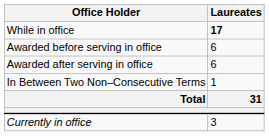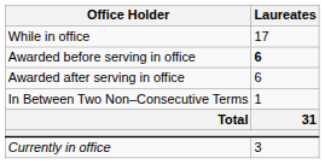 <table class="wikitable sortable sticky-header col2right">
 <tr>
 <th>Office Holder</th>
 <th>Laureates</th>
 </tr>
 <tr>
 <td>While in office</td>
-<td><strong>17</strong></td>
+<td>17</td>
 </tr>
 <tr>
 <td>Awarded before serving in office</td>
-<td>6</td>
+<td><strong>6</strong></td>
 </tr>
 <tr>
 <td>Awarded after serving in office</td>
 <td>6</td>
 </tr>
 <tr>
 <td>In Between Two Non–Consecutive Terms</td>
 <td>1</td>
 </tr>
 <tr class="sortbottom">
 <th style="text-align:right;">Total</th>
 <th style="text-align:right;">31</th>
 </tr>
 <tr>
 <th colspan="2"></th>
 </tr>
 <tr class="sortbottom">
 <td style="border-top: 2px solid black;"><em>Currently in office</em></td>
 <td style="border-top: 2px solid black;">3</td>
 </tr>
 </table>
